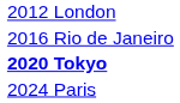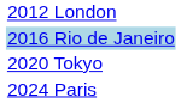 <table>
 <tr>
 <td><a href='#'>2012 London</a><br></td>
 <td></td>
 <td></td>
 <td></td>
 </tr>
 <tr>
-<td><a href='#'>2016 Rio de Janeiro</a><br></td>
+<td style="background: lightblue;"><a href='#'>2016 Rio de Janeiro</a><br></td>
 <td></td>
 <td></td>
 <td></td>
 </tr>
 <tr>
-<td><strong><a href='#'>2020 Tokyo</a><br></strong></td>
+<td><a href='#'>2020 Tokyo</a><br></td>
 <td></td>
 <td></td>
 <td></td>
 </tr>
 <tr>
 <td><a href='#'>2024 Paris</a><br></td>
 <td></td>
 <td></td>
 <td></td>
 </tr>
 <tr>
 </tr>
 </table>
